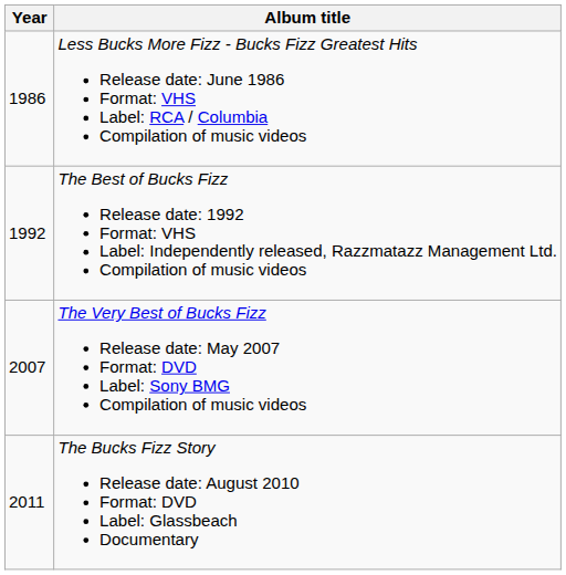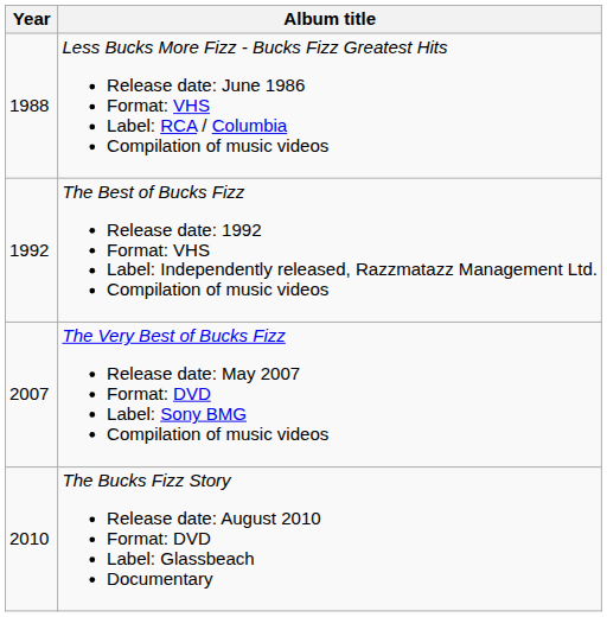 <table class="wikitable">
 <tr>
 <th width="40">Year</th>
 <th>Album title</th>
 </tr>
 <tr>
-<td>1986</td>
+<td>1988</td>
 <td><em>Less Bucks More Fizz - Bucks Fizz Greatest Hits</em> <br><ul><li>Release date: June 1986</li><li>Format: <a href='#'>VHS</a></li><li>Label: <a href='#'>RCA</a> / <a href='#'>Columbia</a></li><li>Compilation of music videos</li></ul></td>
 </tr>
 <tr>
 <td>1992</td>
 <td><em>The Best of Bucks Fizz</em><br><ul><li>Release date: 1992</li><li>Format: VHS</li><li>Label: Independently released, Razzmatazz Management Ltd.</li><li>Compilation of music videos</li></ul></td>
 </tr>
 <tr>
 <td>2007</td>
 <td><em><a href='#'>The Very Best of Bucks Fizz</a></em><br><ul><li>Release date: May 2007</li><li>Format: <a href='#'>DVD</a></li><li>Label: <a href='#'>Sony BMG</a></li><li>Compilation of music videos</li></ul></td>
 </tr>
 <tr>
-<td>2011</td>
+<td>2010</td>
 <td><em>The Bucks Fizz Story</em> <br><ul><li>Release date: August 2010</li><li>Format: DVD</li><li>Label: Glassbeach</li><li>Documentary</li></ul></td>
 </tr>
 </table>
